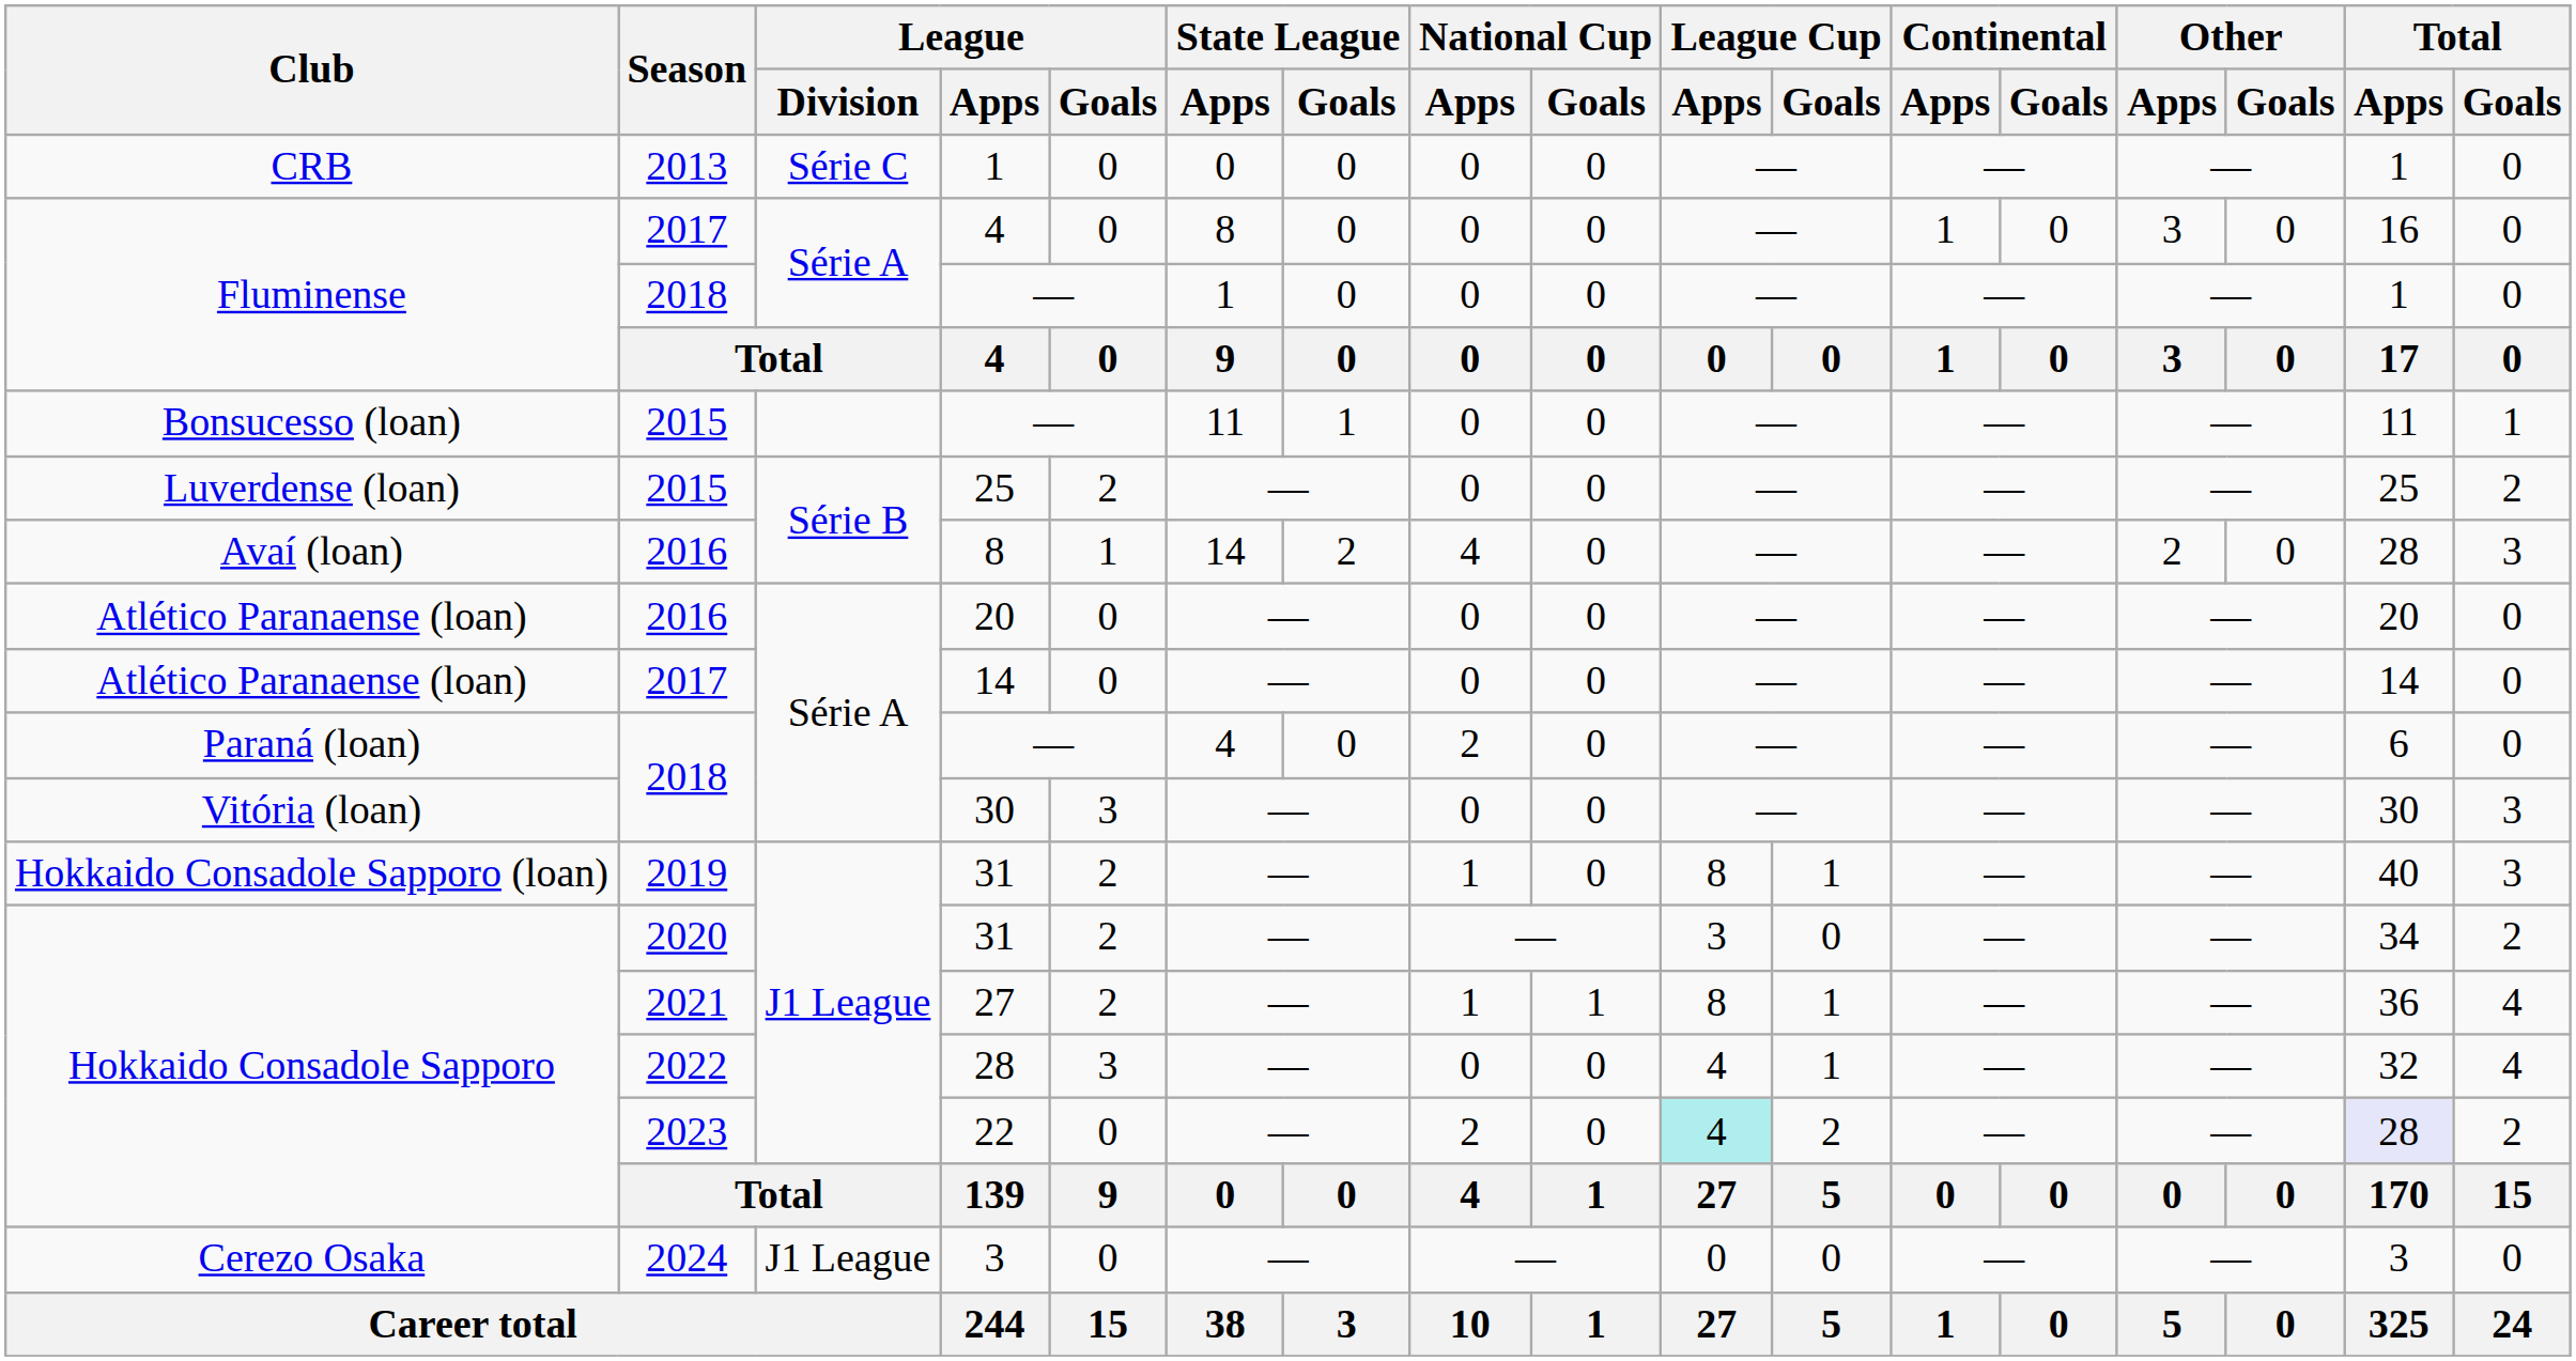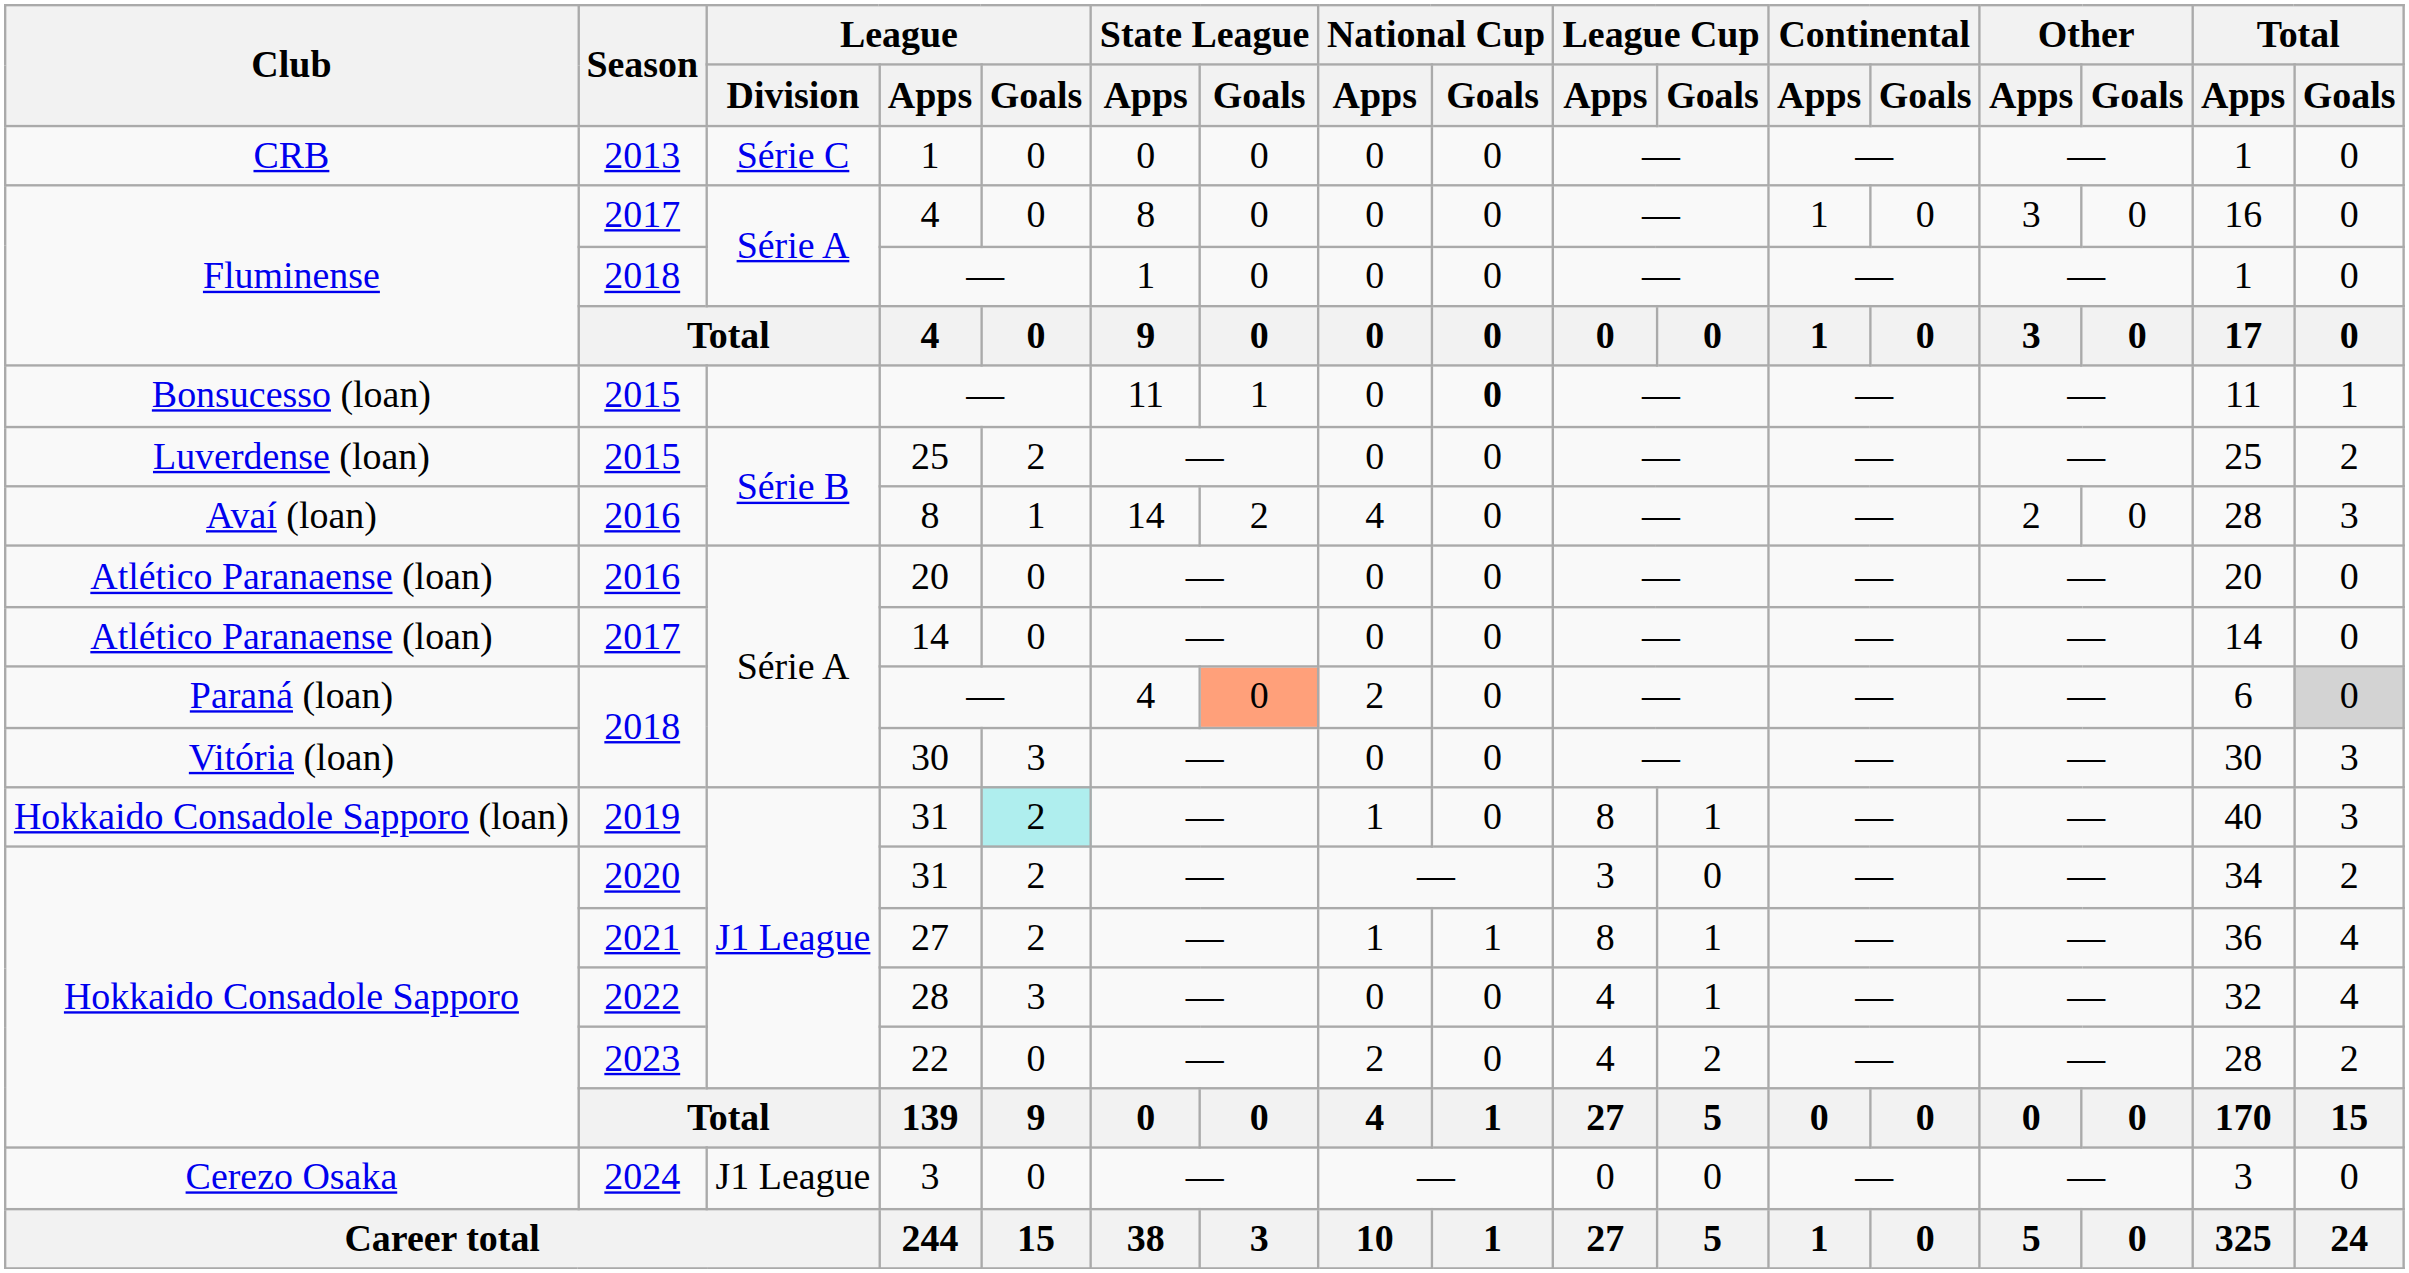 <table class="wikitable" style="text-align: center">
 <tr>
 <th rowspan="2">Club</th>
 <th rowspan="2">Season</th>
 <th colspan="3">League</th>
 <th colspan="2">State League</th>
 <th colspan="2">National Cup</th>
 <th colspan="2">League Cup</th>
 <th colspan="2">Continental</th>
 <th colspan="2">Other</th>
 <th colspan="2">Total</th>
 </tr>
 <tr>
 <th>Division</th>
 <th>Apps</th>
 <th>Goals</th>
 <th>Apps</th>
 <th>Goals</th>
 <th>Apps</th>
 <th>Goals</th>
 <th>Apps</th>
 <th>Goals</th>
 <th>Apps</th>
 <th>Goals</th>
 <th>Apps</th>
 <th>Goals</th>
 <th>Apps</th>
 <th>Goals</th>
 </tr>
 <tr>
 <td><a href='#'>CRB</a></td>
 <td><a href='#'>2013</a></td>
 <td><a href='#'>Série C</a></td>
 <td>1</td>
 <td>0</td>
 <td>0</td>
 <td>0</td>
 <td>0</td>
 <td>0</td>
 <td colspan="2">—</td>
 <td colspan="2">—</td>
 <td colspan="2">—</td>
 <td>1</td>
 <td>0</td>
 </tr>
 <tr>
 <td rowspan=3><a href='#'>Fluminense</a></td>
 <td><a href='#'>2017</a></td>
 <td rowspan=2><a href='#'>Série A</a></td>
 <td>4</td>
 <td>0</td>
 <td>8</td>
 <td>0</td>
 <td>0</td>
 <td>0</td>
 <td colspan="2">—</td>
 <td>1</td>
 <td>0</td>
 <td>3</td>
 <td>0</td>
 <td>16</td>
 <td>0</td>
 </tr>
 <tr>
 <td><a href='#'>2018</a></td>
 <td colspan="2">—</td>
 <td>1</td>
 <td>0</td>
 <td>0</td>
 <td>0</td>
 <td colspan="2">—</td>
 <td colspan="2">—</td>
 <td colspan="2">—</td>
 <td>1</td>
 <td>0</td>
 </tr>
 <tr>
 <th colspan=2>Total</th>
 <th>4</th>
 <th>0</th>
 <th>9</th>
 <th>0</th>
 <th>0</th>
 <th>0</th>
 <th>0</th>
 <th>0</th>
 <th>1</th>
 <th>0</th>
 <th>3</th>
 <th>0</th>
 <th>17</th>
 <th>0</th>
 </tr>
 <tr>
 <td><a href='#'>Bonsucesso</a> (loan)</td>
 <td><a href='#'>2015</a></td>
 <td></td>
 <td colspan="2">—</td>
 <td>11</td>
 <td>1</td>
 <td>0</td>
-<td>0</td>
+<td><strong>0</strong></td>
 <td colspan="2">—</td>
 <td colspan="2">—</td>
 <td colspan="2">—</td>
 <td>11</td>
 <td>1</td>
 </tr>
 <tr>
 <td><a href='#'>Luverdense</a> (loan)</td>
 <td><a href='#'>2015</a></td>
 <td rowspan=2><a href='#'>Série B</a></td>
 <td>25</td>
 <td>2</td>
 <td colspan="2">—</td>
 <td>0</td>
 <td>0</td>
 <td colspan="2">—</td>
 <td colspan="2">—</td>
 <td colspan="2">—</td>
 <td>25</td>
 <td>2</td>
 </tr>
 <tr>
 <td><a href='#'>Avaí</a> (loan)</td>
 <td><a href='#'>2016</a></td>
 <td>8</td>
 <td>1</td>
 <td>14</td>
 <td>2</td>
 <td>4</td>
 <td>0</td>
 <td colspan="2">—</td>
 <td colspan="2">—</td>
 <td>2</td>
 <td>0</td>
 <td>28</td>
 <td>3</td>
 </tr>
 <tr>
 <td><a href='#'>Atlético Paranaense</a> (loan)</td>
 <td><a href='#'>2016</a></td>
 <td rowspan=4>Série A</td>
 <td>20</td>
 <td>0</td>
 <td colspan="2">—</td>
 <td>0</td>
 <td>0</td>
 <td colspan="2">—</td>
 <td colspan="2">—</td>
 <td colspan="2">—</td>
 <td>20</td>
 <td>0</td>
 </tr>
 <tr>
 <td><a href='#'>Atlético Paranaense</a> (loan)</td>
 <td><a href='#'>2017</a></td>
 <td>14</td>
 <td>0</td>
 <td colspan="2">—</td>
 <td>0</td>
 <td>0</td>
 <td colspan="2">—</td>
 <td colspan="2">—</td>
 <td colspan="2">—</td>
 <td>14</td>
 <td>0</td>
 </tr>
 <tr>
 <td><a href='#'>Paraná</a> (loan)</td>
 <td rowspan=2><a href='#'>2018</a></td>
 <td colspan="2">—</td>
 <td>4</td>
-<td>0</td>
+<td style="background: lightsalmon;">0</td>
 <td>2</td>
 <td>0</td>
 <td colspan="2">—</td>
 <td colspan="2">—</td>
 <td colspan="2">—</td>
 <td>6</td>
-<td>0</td>
+<td style="background: lightgrey;">0</td>
 </tr>
 <tr>
 <td><a href='#'>Vitória</a> (loan)</td>
 <td>30</td>
 <td>3</td>
 <td colspan="2">—</td>
 <td>0</td>
 <td>0</td>
 <td colspan="2">—</td>
 <td colspan="2">—</td>
 <td colspan="2">—</td>
 <td>30</td>
 <td>3</td>
 </tr>
 <tr>
 <td><a href='#'>Hokkaido Consadole Sapporo</a> (loan)</td>
 <td><a href='#'>2019</a></td>
 <td rowspan=5><a href='#'>J1 League</a></td>
 <td>31</td>
-<td>2</td>
+<td style="background: paleturquoise;">2</td>
 <td colspan="2">—</td>
 <td>1</td>
 <td>0</td>
 <td>8</td>
 <td>1</td>
 <td colspan="2">—</td>
 <td colspan="2">—</td>
 <td>40</td>
 <td>3</td>
 </tr>
 <tr>
 <td rowspan=5><a href='#'>Hokkaido Consadole Sapporo</a></td>
 <td><a href='#'>2020</a></td>
 <td>31</td>
 <td>2</td>
 <td colspan="2">—</td>
 <td colspan="2">—</td>
 <td>3</td>
 <td>0</td>
 <td colspan="2">—</td>
 <td colspan="2">—</td>
 <td>34</td>
 <td>2</td>
 </tr>
 <tr>
 <td><a href='#'>2021</a></td>
 <td>27</td>
 <td>2</td>
 <td colspan="2">—</td>
 <td>1</td>
 <td>1</td>
 <td>8</td>
 <td>1</td>
 <td colspan="2">—</td>
 <td colspan="2">—</td>
 <td>36</td>
 <td>4</td>
 </tr>
 <tr>
 <td><a href='#'>2022</a></td>
 <td>28</td>
 <td>3</td>
 <td colspan="2">—</td>
 <td>0</td>
 <td>0</td>
 <td>4</td>
 <td>1</td>
 <td colspan="2">—</td>
 <td colspan="2">—</td>
 <td>32</td>
 <td>4</td>
 </tr>
 <tr>
 <td><a href='#'>2023</a></td>
 <td>22</td>
 <td>0</td>
 <td colspan="2">—</td>
 <td>2</td>
 <td>0</td>
-<td style="background: paleturquoise;">4</td>
+<td>4</td>
 <td>2</td>
 <td colspan="2">—</td>
 <td colspan="2">—</td>
-<td style="background: lavender;">28</td>
+<td>28</td>
 <td>2</td>
 </tr>
 <tr>
 <th colspan=2>Total</th>
 <th>139</th>
 <th>9</th>
 <th>0</th>
 <th>0</th>
 <th>4</th>
 <th>1</th>
 <th>27</th>
 <th>5</th>
 <th>0</th>
 <th>0</th>
 <th>0</th>
 <th>0</th>
 <th>170</th>
 <th>15</th>
 </tr>
 <tr>
 <td><a href='#'>Cerezo Osaka</a></td>
 <td><a href='#'>2024</a></td>
 <td>J1 League</td>
 <td>3</td>
 <td>0</td>
 <td colspan="2">—</td>
 <td colspan="2">—</td>
 <td>0</td>
 <td>0</td>
 <td colspan="2">—</td>
 <td colspan="2">—</td>
 <td>3</td>
 <td>0</td>
 </tr>
 <tr>
 <th colspan="3"><strong>Career total</strong></th>
 <th>244</th>
 <th>15</th>
 <th>38</th>
 <th>3</th>
 <th>10</th>
 <th>1</th>
 <th>27</th>
 <th>5</th>
 <th>1</th>
 <th>0</th>
 <th>5</th>
 <th>0</th>
 <th>325</th>
 <th>24</th>
 </tr>
 </table>
